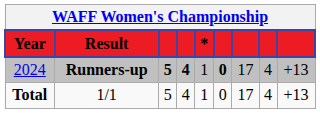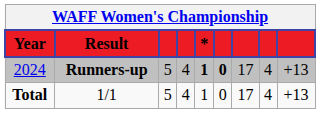 <table class="wikitable" style="text-align: center; width:50%;">
 <tr>
 <th colspan="10"><a href='#'>WAFF Women's Championship</a></th>
 </tr>
 <tr>
 <th style="background:#ED1C24;border: 2px solid #3F43A4;"><span>Year</span></th>
 <th style="background:#ED1C24;border: 2px solid #3F43A4;"><span>Result</span></th>
 <th style="background:#ED1C24;border: 2px solid #3F43A4;"><span></span></th>
 <th style="background:#ED1C24;border: 2px solid #3F43A4;"><span></span></th>
 <th style="background:#ED1C24;border: 2px solid #3F43A4;"><span>*</span></th>
 <th style="background:#ED1C24;border: 2px solid #3F43A4;"><span></span></th>
 <th style="background:#ED1C24;border: 2px solid #3F43A4;"><span></span></th>
 <th style="background:#ED1C24;border: 2px solid #3F43A4;"><span></span></th>
 <th style="background:#ED1C24;border: 2px solid #3F43A4;"><span></span></th>
 </tr>
 <tr bgcolor="silver">
 <td> <a href='#'>2024</a></td>
 <td><strong>Runners-up</strong></td>
-<td><strong>5</strong></td>
-<td><strong>4</strong></td>
-<td>1</td>
+<td>5</td>
+<td>4</td>
+<td><strong>1</strong></td>
 <td><strong>0</strong></td>
 <td>17</td>
 <td>4</td>
 <td>+13</td>
 </tr>
 <tr>
 <td><strong>Total</strong></td>
 <td>1/1</td>
 <td>5</td>
 <td>4</td>
 <td>1</td>
 <td>0</td>
 <td>17</td>
 <td>4</td>
 <td>+13</td>
 </tr>
 </table>
